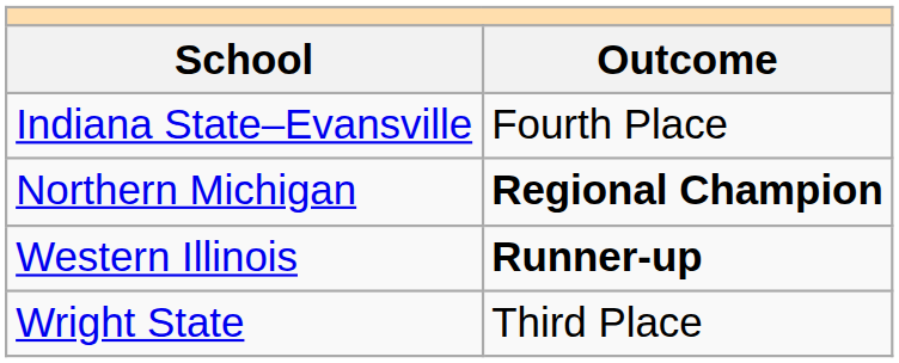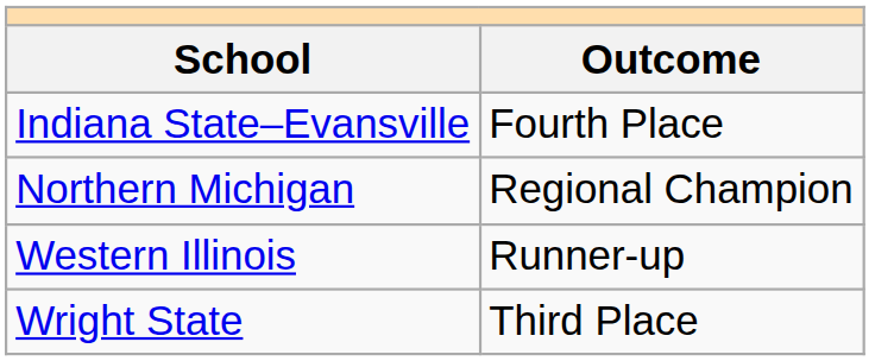 <table class="wikitable" style="float:left; margin-right:1em;">
 <tr>
 <th colspan="3" style="background:#ffdead;"></th>
 </tr>
 <tr>
 <th>School</th>
 <th>Outcome</th>
 </tr>
 <tr>
 <td><a href='#'>Indiana State–Evansville</a></td>
 <td>Fourth Place</td>
 </tr>
 <tr>
 <td><a href='#'>Northern Michigan</a></td>
-<td><strong>Regional Champion</strong></td>
+<td>Regional Champion</td>
 </tr>
 <tr>
 <td><a href='#'>Western Illinois</a></td>
-<td><strong>Runner-up</strong></td>
+<td>Runner-up</td>
 </tr>
 <tr>
 <td><a href='#'>Wright State</a></td>
 <td>Third Place</td>
 </tr>
 </table>
